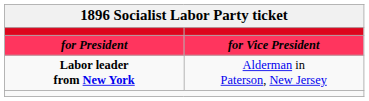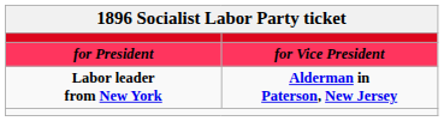 <table class="wikitable" style="font-size:90%; text-align:center;">
 <tr>
 <td style="background:#f1f1f1;" colspan="2"><big><strong>1896 Socialist Labor Party ticket</strong></big></td>
 </tr>
 <tr>
 <th style="width:3em; font-size:135%; background:#DD051D; width:200px;"><a href='#'></a></th>
 <th style="width:3em; font-size:135%; background:#DD051D; width:200px;"><a href='#'></a></th>
 </tr>
 <tr style="color:#000; font-size:100%; background:#FF355E;">
 <td style="width:3em; width:200px;"><strong><em>for President</em></strong></td>
 <td style="width:3em; width:200px;"><strong><em>for Vice President</em></strong></td>
 </tr>
 <tr>
 <td><strong>Labor leader<br>from <a href='#'>New York</a></strong></td>
-<td><a href='#'>Alderman</a> in<br><a href='#'>Paterson</a>, <a href='#'>New Jersey</a></td>
+<td><strong><a href='#'>Alderman</a> in<br><a href='#'>Paterson</a>, <a href='#'>New Jersey</a></strong></td>
 </tr>
 <tr>
 <td colspan="2"></td>
 </tr>
 </table>
